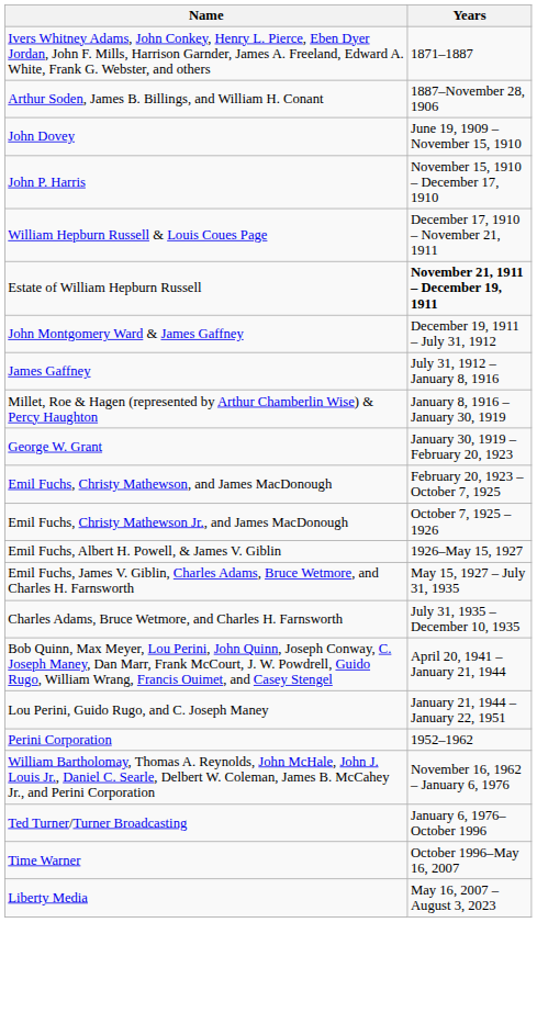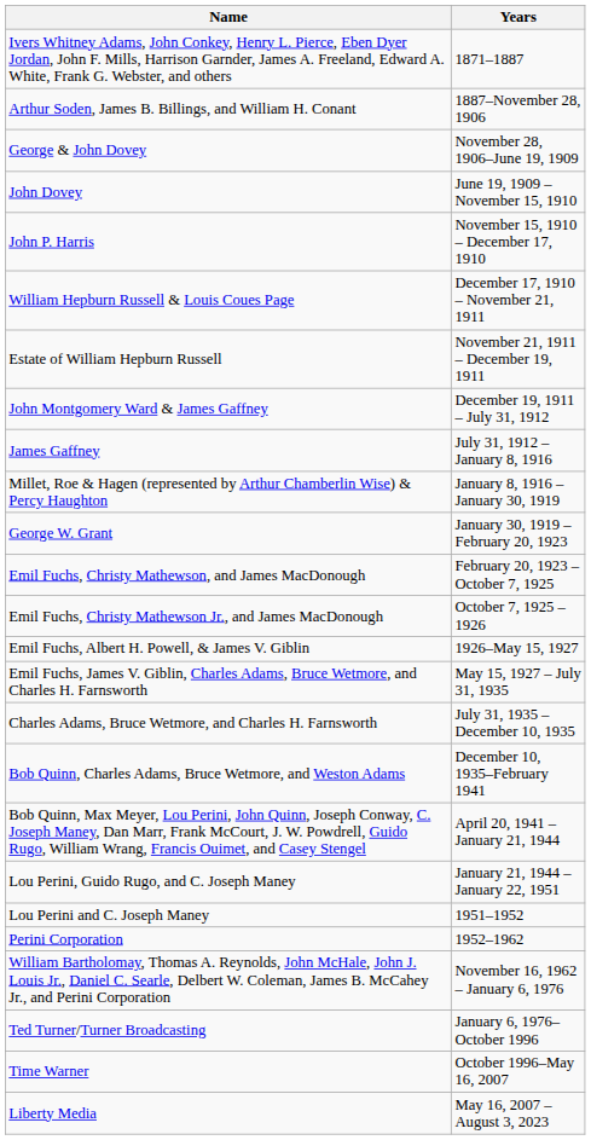 <table class="wikitable">
 <tr>
 <th>Name</th>
 <th>Years</th>
 </tr>
 <tr>
 <td><a href='#'>Ivers Whitney Adams</a>, <a href='#'>John Conkey</a>, <a href='#'>Henry L. Pierce</a>, <a href='#'>Eben Dyer Jordan</a>, John F. Mills, Harrison Garnder, James A. Freeland, Edward A. White, Frank G. Webster, and others</td>
 <td>1871–1887</td>
 </tr>
 <tr>
 <td><a href='#'>Arthur Soden</a>, James B. Billings, and William H. Conant</td>
 <td>1887–November 28, 1906</td>
+</tr>
+<tr>
+<td><a href='#'>George</a> & <a href='#'>John Dovey</a></td>
+<td>November 28, 1906–June 19, 1909</td>
 </tr>
 <tr>
 <td><a href='#'>John Dovey</a></td>
 <td>June 19, 1909 – November 15, 1910</td>
 </tr>
 <tr>
 <td><a href='#'>John P. Harris</a></td>
 <td>November 15, 1910 – December 17, 1910</td>
 </tr>
 <tr>
 <td><a href='#'>William Hepburn Russell</a> & <a href='#'>Louis Coues Page</a></td>
 <td>December 17, 1910 – November 21, 1911</td>
 </tr>
 <tr>
 <td>Estate of William Hepburn Russell</td>
-<td><strong>November 21, 1911 – December 19, 1911</strong></td>
+<td>November 21, 1911 – December 19, 1911</td>
 </tr>
 <tr>
 <td><a href='#'>John Montgomery Ward</a> & <a href='#'>James Gaffney</a></td>
 <td>December 19, 1911 – July 31, 1912</td>
 </tr>
 <tr>
 <td><a href='#'>James Gaffney</a></td>
 <td>July 31, 1912 – January 8, 1916</td>
 </tr>
 <tr>
 <td>Millet, Roe & Hagen (represented by <a href='#'>Arthur Chamberlin Wise</a>) & <a href='#'>Percy Haughton</a></td>
 <td>January 8, 1916 – January 30, 1919</td>
 </tr>
 <tr>
 <td><a href='#'>George W. Grant</a></td>
 <td>January 30, 1919 – February 20, 1923</td>
 </tr>
 <tr>
 <td><a href='#'>Emil Fuchs</a>, <a href='#'>Christy Mathewson</a>, and James MacDonough</td>
 <td>February 20, 1923 – October 7, 1925</td>
 </tr>
 <tr>
 <td>Emil Fuchs, <a href='#'>Christy Mathewson Jr.</a>, and James MacDonough</td>
 <td>October 7, 1925 – 1926</td>
 </tr>
 <tr>
 <td>Emil Fuchs, Albert H. Powell, & James V. Giblin</td>
 <td>1926–May 15, 1927</td>
 </tr>
 <tr>
 <td>Emil Fuchs, James V. Giblin, <a href='#'>Charles Adams</a>, <a href='#'>Bruce Wetmore</a>, and Charles H. Farnsworth</td>
 <td>May 15, 1927 – July 31, 1935</td>
 </tr>
 <tr>
 <td>Charles Adams, Bruce Wetmore, and Charles H. Farnsworth</td>
 <td>July 31, 1935 – December 10, 1935</td>
 </tr>
 <tr>
+<td><a href='#'>Bob Quinn</a>, Charles Adams, Bruce Wetmore, and <a href='#'>Weston Adams</a></td>
+<td>December 10, 1935–February 1941</td>
+</tr>
+<tr>
 <td>Bob Quinn, Max Meyer, <a href='#'>Lou Perini</a>, <a href='#'>John Quinn</a>, Joseph Conway, <a href='#'>C. Joseph Maney</a>, Dan Marr, Frank McCourt, J. W. Powdrell, <a href='#'>Guido Rugo</a>, William Wrang, <a href='#'>Francis Ouimet</a>, and <a href='#'>Casey Stengel</a></td>
 <td>April 20, 1941 – January 21, 1944</td>
 </tr>
 <tr>
 <td>Lou Perini, Guido Rugo, and C. Joseph Maney</td>
 <td>January 21, 1944 – January 22, 1951</td>
+</tr>
+<tr>
+<td>Lou Perini and C. Joseph Maney</td>
+<td>1951–1952</td>
 </tr>
 <tr>
 <td><a href='#'>Perini Corporation</a></td>
 <td>1952–1962</td>
 </tr>
 <tr>
 <td><a href='#'>William Bartholomay</a>, Thomas A. Reynolds, <a href='#'>John McHale</a>, <a href='#'>John J. Louis Jr.</a>, <a href='#'>Daniel C. Searle</a>, Delbert W. Coleman, James B. McCahey Jr., and Perini Corporation</td>
 <td>November 16, 1962 – January 6, 1976</td>
 </tr>
 <tr>
 <td><a href='#'>Ted Turner</a>/<a href='#'>Turner Broadcasting</a></td>
 <td>January 6, 1976–October 1996</td>
 </tr>
 <tr>
 <td><a href='#'>Time Warner</a></td>
 <td>October 1996–May 16, 2007</td>
 </tr>
 <tr>
 <td><a href='#'>Liberty Media</a></td>
 <td>May 16, 2007 – August 3, 2023</td>
 </tr>
 </table>
